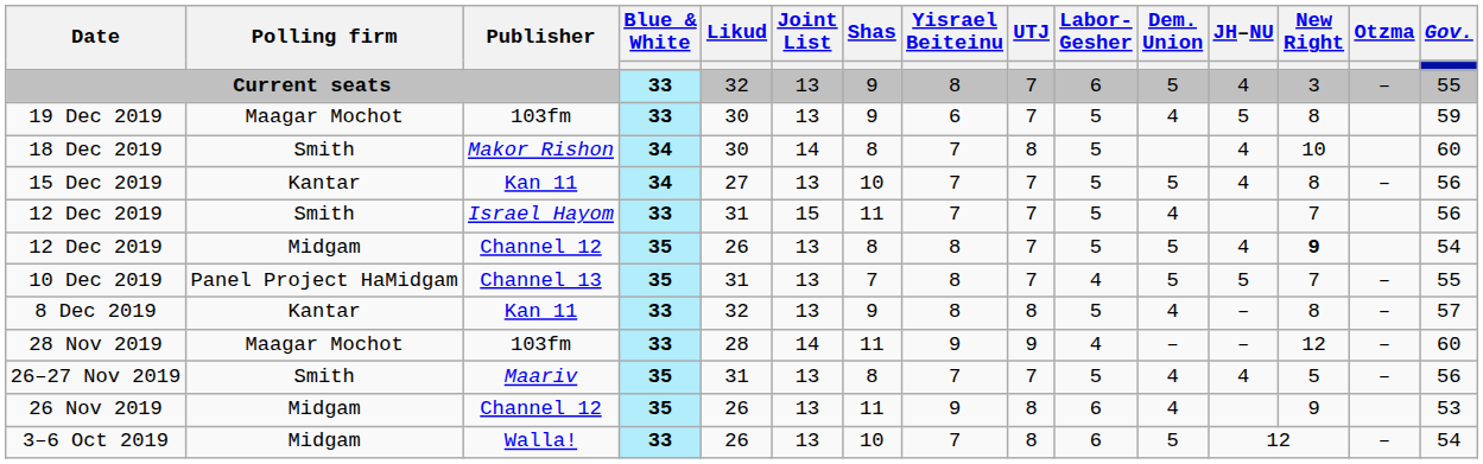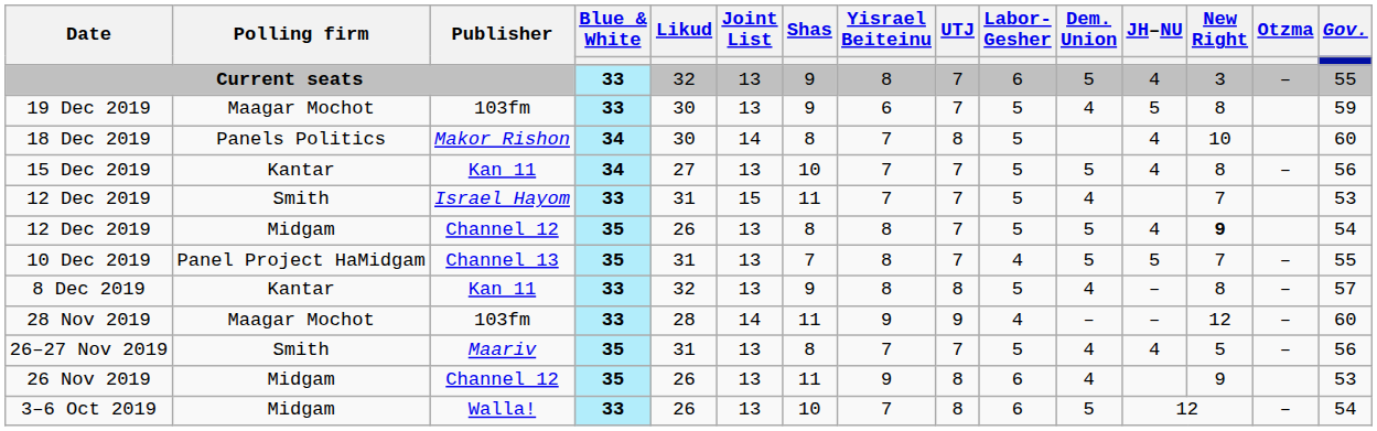 <table class="wikitable sortable" style="text-align:center;font-size:90%;line-height:13px">
 <tr>
 <th rowspan=2>Date</th>
 <th rowspan=2>Polling firm</th>
 <th rowspan=2>Publisher</th>
 <th><a href='#'>Blue &<br>White</a></th>
 <th><a href='#'>Likud</a></th>
 <th><a href='#'>Joint<br>List</a></th>
 <th><a href='#'>Shas</a></th>
 <th><a href='#'>Yisrael<br>Beiteinu</a></th>
 <th><a href='#'>UTJ</a></th>
 <th><a href='#'>Labor-<br>Gesher</a></th>
 <th><a href='#'>Dem.<br>Union</a></th>
 <th><a href='#'>JH</a>–<a href='#'>NU</a></th>
 <th><a href='#'>New<br>Right</a></th>
 <th><a href='#'>Otzma</a></th>
 <th><a href='#'><em>Gov.</em></a></th>
 </tr>
 <tr>
 <th style="background:"></th>
 <th style="background:"></th>
 <th style="background:"></th>
 <th style="background:"></th>
 <th style="background:"></th>
 <th style="background:"></th>
 <th style="background:"></th>
 <th style="background:"></th>
 <th style="background:"></th>
 <th style="background:"></th>
 <th style="background:"></th>
 <th style="background:#000EA3;"></th>
 </tr>
 <tr style="background:silver">
 <td colspan=3><strong>Current seats</strong></td>
 <td style="background:#B2EDFB"><strong>33</strong>	</td>
 <td>32					</td>
 <td>13					</td>
 <td>9					</td>
 <td>8					</td>
 <td>7					</td>
 <td>6					</td>
 <td>5					</td>
 <td>4					</td>
 <td>3					</td>
 <td>–					</td>
 <td>55					</td>
 </tr>
 <tr>
 <td data-sort-value="2019-12-19">19 Dec 2019</td>
 <td>Maagar Mochot</td>
 <td>103fm</td>
 <td style="background:#B2EDFB"><strong>33</strong>	</td>
 <td>30					</td>
 <td>13					</td>
 <td>9					</td>
 <td>6					</td>
 <td>7					</td>
 <td>5					</td>
 <td>4					</td>
 <td>5			</td>
 <td>8					</td>
 <td>			</td>
 <td>59					</td>
 </tr>
 <tr>
 <td data-sort-value="2019-12-18">18 Dec 2019</td>
-<td>Smith</td>
+<td>Panels Politics</td>
 <td><em><a href='#'>Makor Rishon</a></em></td>
 <td style="background:#B2EDFB"><strong>34</strong>	</td>
 <td>30					</td>
 <td>14					</td>
 <td>8					</td>
 <td>7					</td>
 <td>8					</td>
 <td>5					</td>
 <td>			</td>
 <td>4					</td>
 <td>10					</td>
 <td>				</td>
 <td>60					</td>
 </tr>
 <tr>
 <td data-sort-value="2019-12-15">15 Dec 2019</td>
 <td>Kantar</td>
 <td><a href='#'>Kan 11</a></td>
 <td style="background:#B2EDFB"><strong>34</strong>	</td>
 <td>27					</td>
 <td>13					</td>
 <td>10					</td>
 <td>7					</td>
 <td>7					</td>
 <td>5					</td>
 <td>5					</td>
 <td>4					</td>
 <td>8					</td>
 <td>–					</td>
 <td>56					</td>
 </tr>
 <tr>
 <td data-sort-value="2019-12-12">12 Dec 2019</td>
 <td>Smith</td>
 <td><em><a href='#'>Israel Hayom</a></em></td>
 <td style="background:#B2EDFB"><strong>33</strong>	</td>
 <td>31					</td>
 <td>15					</td>
 <td>11					</td>
 <td>7					</td>
 <td>7					</td>
 <td>5					</td>
 <td>4					</td>
 <td>				</td>
 <td>7					</td>
 <td>				</td>
-<td>56					</td>
+<td>53					</td>
 </tr>
 <tr>
 <td data-sort-value="2019-12-12">12 Dec 2019</td>
 <td>Midgam</td>
 <td><a href='#'>Channel 12</a></td>
 <td style="background:#B2EDFB"><strong>35</strong>	</td>
 <td>26					</td>
 <td>13					</td>
 <td>8					</td>
 <td>8					</td>
 <td>7					</td>
 <td>5					</td>
 <td>5					</td>
 <td>4					</td>
 <td><strong>9					</strong></td>
 <td>			</td>
 <td>54					</td>
 </tr>
 <tr>
 <td data-sort-value="2019-12-10">10 Dec 2019</td>
 <td>Panel Project HaMidgam</td>
 <td><a href='#'>Channel 13</a></td>
 <td style="background:#B2EDFB"><strong>35</strong>	</td>
 <td>31					</td>
 <td>13					</td>
 <td>7					</td>
 <td>8					</td>
 <td>7					</td>
 <td>4					</td>
 <td>5					</td>
 <td>5					</td>
 <td>7					</td>
 <td>–					</td>
 <td>55					</td>
 </tr>
 <tr>
 <td data-sort-value="2019-12-08">8 Dec 2019</td>
 <td>Kantar</td>
 <td><a href='#'>Kan 11</a></td>
 <td style="background:#B2EDFB"><strong>33</strong>	</td>
 <td>32					</td>
 <td>13					</td>
 <td>9					</td>
 <td>8					</td>
 <td>8					</td>
 <td>5					</td>
 <td>4					</td>
 <td>–					</td>
 <td>8					</td>
 <td>–					</td>
 <td>57					</td>
 </tr>
 <tr>
 <td data-sort-value="2019-11-28">28 Nov 2019</td>
 <td>Maagar Mochot</td>
 <td>103fm</td>
 <td style="background:#B2EDFB"><strong>33</strong>	</td>
 <td>28					</td>
 <td>14					</td>
 <td>11					</td>
 <td>9					</td>
 <td>9					</td>
 <td>4					</td>
 <td>–					</td>
 <td>–					</td>
 <td>12					</td>
 <td>–					</td>
 <td>60					</td>
 </tr>
 <tr>
 <td data-sort-value="2019-11-27">26–27 Nov 2019</td>
 <td>Smith</td>
 <td><em><a href='#'>Maariv</a></em></td>
 <td style="background:#B2EDFB"><strong>35</strong>	</td>
 <td>31					</td>
 <td>13					</td>
 <td>8					</td>
 <td>7					</td>
 <td>7					</td>
 <td>5					</td>
 <td>4					</td>
 <td>4					</td>
 <td>5					</td>
 <td>–					</td>
 <td>56					</td>
 </tr>
 <tr>
 <td data-sort-value="2019-11-26">26 Nov 2019</td>
 <td>Midgam</td>
 <td><a href='#'>Channel 12</a></td>
 <td style="background:#B2EDFB"><strong>35</strong>	</td>
 <td>26					</td>
 <td>13					</td>
 <td>11					</td>
 <td>9					</td>
 <td>8					</td>
 <td>6					</td>
 <td>4					</td>
 <td>			</td>
 <td>9					</td>
 <td>			</td>
 <td>53					</td>
 </tr>
 <tr>
 <td data-sort-value="2019-10-06">3–6 Oct 2019</td>
 <td>Midgam</td>
 <td><a href='#'>Walla!</a></td>
 <td style="background:#B2EDFB"><strong>33</strong>	</td>
 <td>26					</td>
 <td>13					</td>
 <td>10					</td>
 <td>7					</td>
 <td>8					</td>
 <td>6					</td>
 <td>5					</td>
 <td colspan=2>12				</td>
 <td>–					</td>
 <td>54					</td>
 </tr>
 </table>
